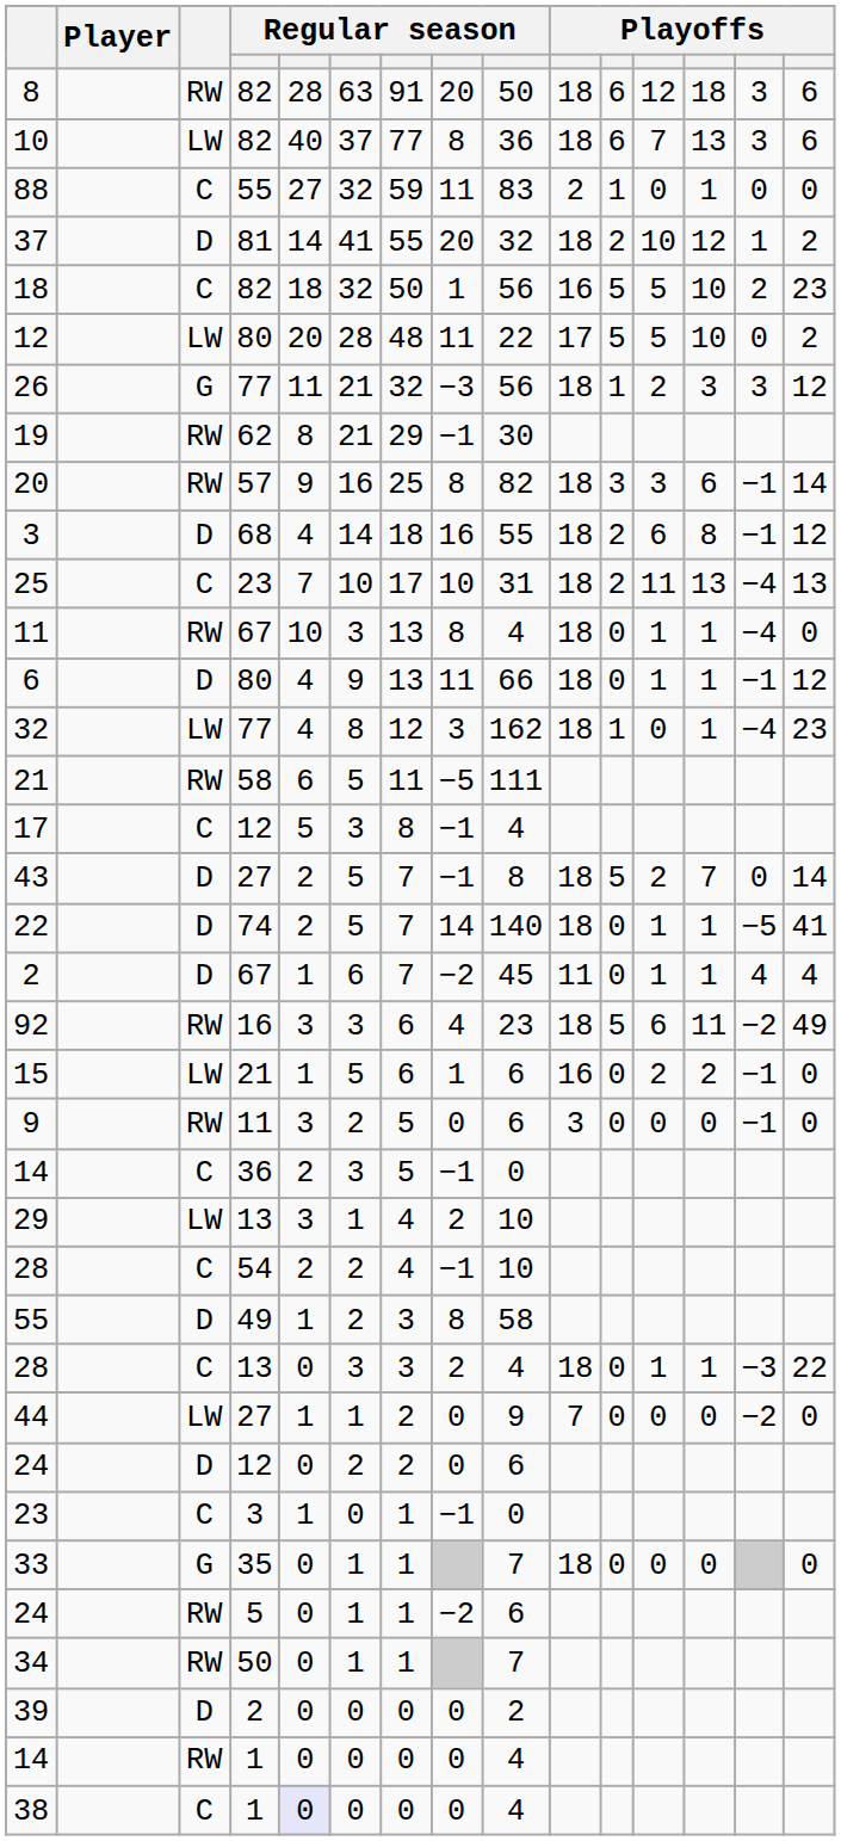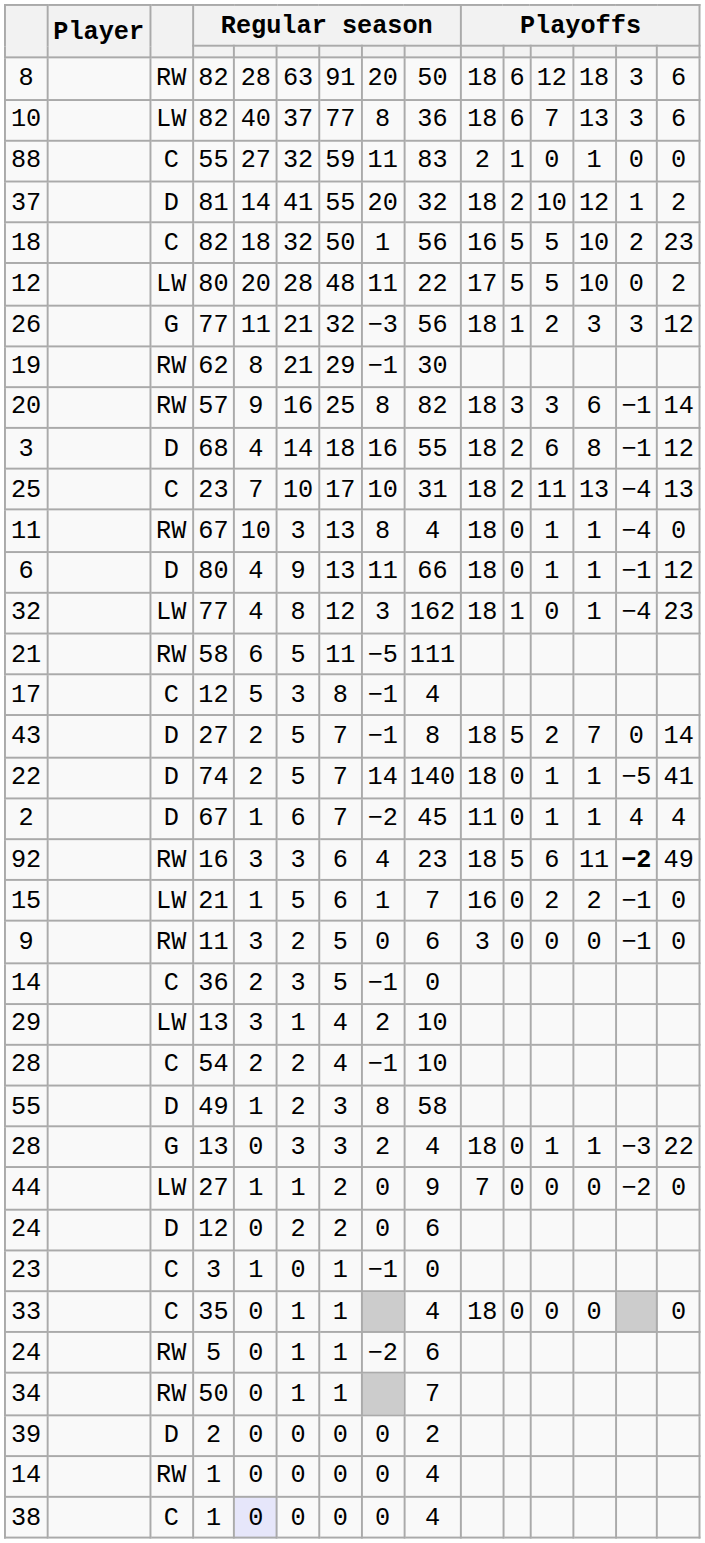 <table class="wikitable sortable plainrowheaders" style="text-align:center;">
 <tr>
 <th scope="col" data-sort-type="number" rowspan="2"></th>
 <th scope="col" rowspan="2">Player</th>
 <th scope="col" rowspan="2"></th>
 <th scope=colgroup colspan=6>Regular season</th>
 <th scope=colgroup colspan=6>Playoffs</th>
 </tr>
 <tr>
 <th scope="col" data-sort-type="number"></th>
 <th scope="col" data-sort-type="number"></th>
 <th scope="col" data-sort-type="number"></th>
 <th scope="col" data-sort-type="number"></th>
 <th scope="col" data-sort-type="number"></th>
 <th scope="col" data-sort-type="number"></th>
 <th scope="col" data-sort-type="number"></th>
 <th scope="col" data-sort-type="number"></th>
 <th scope="col" data-sort-type="number"></th>
 <th scope="col" data-sort-type="number"></th>
 <th scope="col" data-sort-type="number"></th>
 <th scope="col" data-sort-type="number"></th>
 </tr>
 <tr>
 <td scope="row">8</td>
 <td align="left"></td>
 <td>RW</td>
 <td>82</td>
 <td>28</td>
 <td>63</td>
 <td>91</td>
 <td>20</td>
 <td>50</td>
 <td>18</td>
 <td>6</td>
 <td>12</td>
 <td>18</td>
 <td>3</td>
 <td>6</td>
 </tr>
 <tr>
 <td scope="row">10</td>
 <td align="left"></td>
 <td>LW</td>
 <td>82</td>
 <td>40</td>
 <td>37</td>
 <td>77</td>
 <td>8</td>
 <td>36</td>
 <td>18</td>
 <td>6</td>
 <td>7</td>
 <td>13</td>
 <td>3</td>
 <td>6</td>
 </tr>
 <tr>
 <td scope="row">88</td>
 <td align="left"></td>
 <td>C</td>
 <td>55</td>
 <td>27</td>
 <td>32</td>
 <td>59</td>
 <td>11</td>
 <td>83</td>
 <td>2</td>
 <td>1</td>
 <td>0</td>
 <td>1</td>
 <td>0</td>
 <td>0</td>
 </tr>
 <tr>
 <td scope="row">37</td>
 <td align="left"></td>
 <td>D</td>
 <td>81</td>
 <td>14</td>
 <td>41</td>
 <td>55</td>
 <td>20</td>
 <td>32</td>
 <td>18</td>
 <td>2</td>
 <td>10</td>
 <td>12</td>
 <td>1</td>
 <td>2</td>
 </tr>
 <tr>
 <td scope="row">18</td>
 <td align="left"></td>
 <td>C</td>
 <td>82</td>
 <td>18</td>
 <td>32</td>
 <td>50</td>
 <td>1</td>
 <td>56</td>
 <td>16</td>
 <td>5</td>
 <td>5</td>
 <td>10</td>
 <td>2</td>
 <td>23</td>
 </tr>
 <tr>
 <td scope="row">12</td>
 <td align="left"></td>
 <td>LW</td>
 <td>80</td>
 <td>20</td>
 <td>28</td>
 <td>48</td>
 <td>11</td>
 <td>22</td>
 <td>17</td>
 <td>5</td>
 <td>5</td>
 <td>10</td>
 <td>0</td>
 <td>2</td>
 </tr>
 <tr>
 <td scope="row">26</td>
 <td align="left"></td>
 <td>G</td>
 <td>77</td>
 <td>11</td>
 <td>21</td>
 <td>32</td>
 <td>−3</td>
 <td>56</td>
 <td>18</td>
 <td>1</td>
 <td>2</td>
 <td>3</td>
 <td>3</td>
 <td>12</td>
 </tr>
 <tr>
 <td scope="row">19</td>
 <td align="left"></td>
 <td>RW</td>
 <td>62</td>
 <td>8</td>
 <td>21</td>
 <td>29</td>
 <td>−1</td>
 <td>30</td>
 <td></td>
 <td></td>
 <td></td>
 <td></td>
 <td></td>
 <td></td>
 </tr>
 <tr>
 <td scope="row">20</td>
 <td align="left"></td>
 <td>RW</td>
 <td>57</td>
 <td>9</td>
 <td>16</td>
 <td>25</td>
 <td>8</td>
 <td>82</td>
 <td>18</td>
 <td>3</td>
 <td>3</td>
 <td>6</td>
 <td>−1</td>
 <td>14</td>
 </tr>
 <tr>
 <td scope="row">3</td>
 <td align="left"></td>
 <td>D</td>
 <td>68</td>
 <td>4</td>
 <td>14</td>
 <td>18</td>
 <td>16</td>
 <td>55</td>
 <td>18</td>
 <td>2</td>
 <td>6</td>
 <td>8</td>
 <td>−1</td>
 <td>12</td>
 </tr>
 <tr>
 <td scope="row">25</td>
 <td align="left"></td>
 <td>C</td>
 <td>23</td>
 <td>7</td>
 <td>10</td>
 <td>17</td>
 <td>10</td>
 <td>31</td>
 <td>18</td>
 <td>2</td>
 <td>11</td>
 <td>13</td>
 <td>−4</td>
 <td>13</td>
 </tr>
 <tr>
 <td scope="row">11</td>
 <td align="left"></td>
 <td>RW</td>
 <td>67</td>
 <td>10</td>
 <td>3</td>
 <td>13</td>
 <td>8</td>
 <td>4</td>
 <td>18</td>
 <td>0</td>
 <td>1</td>
 <td>1</td>
 <td>−4</td>
 <td>0</td>
 </tr>
 <tr>
 <td scope="row">6</td>
 <td align="left"></td>
 <td>D</td>
 <td>80</td>
 <td>4</td>
 <td>9</td>
 <td>13</td>
 <td>11</td>
 <td>66</td>
 <td>18</td>
 <td>0</td>
 <td>1</td>
 <td>1</td>
 <td>−1</td>
 <td>12</td>
 </tr>
 <tr>
 <td scope="row">32</td>
 <td align="left"></td>
 <td>LW</td>
 <td>77</td>
 <td>4</td>
 <td>8</td>
 <td>12</td>
 <td>3</td>
 <td>162</td>
 <td>18</td>
 <td>1</td>
 <td>0</td>
 <td>1</td>
 <td>−4</td>
 <td>23</td>
 </tr>
 <tr>
 <td scope="row">21</td>
 <td align="left"></td>
 <td>RW</td>
 <td>58</td>
 <td>6</td>
 <td>5</td>
 <td>11</td>
 <td>−5</td>
 <td>111</td>
 <td></td>
 <td></td>
 <td></td>
 <td></td>
 <td></td>
 <td></td>
 </tr>
 <tr>
 <td scope="row">17</td>
 <td align="left"></td>
 <td>C</td>
 <td>12</td>
 <td>5</td>
 <td>3</td>
 <td>8</td>
 <td>−1</td>
 <td>4</td>
 <td></td>
 <td></td>
 <td></td>
 <td></td>
 <td></td>
 <td></td>
 </tr>
 <tr>
 <td scope="row">43</td>
 <td align="left"></td>
 <td>D</td>
 <td>27</td>
 <td>2</td>
 <td>5</td>
 <td>7</td>
 <td>−1</td>
 <td>8</td>
 <td>18</td>
 <td>5</td>
 <td>2</td>
 <td>7</td>
 <td>0</td>
 <td>14</td>
 </tr>
 <tr>
 <td scope="row">22</td>
 <td align="left"></td>
 <td>D</td>
 <td>74</td>
 <td>2</td>
 <td>5</td>
 <td>7</td>
 <td>14</td>
 <td>140</td>
 <td>18</td>
 <td>0</td>
 <td>1</td>
 <td>1</td>
 <td>−5</td>
 <td>41</td>
 </tr>
 <tr>
 <td scope="row">2</td>
 <td align="left"></td>
 <td>D</td>
 <td>67</td>
 <td>1</td>
 <td>6</td>
 <td>7</td>
 <td>−2</td>
 <td>45</td>
 <td>11</td>
 <td>0</td>
 <td>1</td>
 <td>1</td>
 <td>4</td>
 <td>4</td>
 </tr>
 <tr>
 <td scope="row">92</td>
 <td align="left"></td>
 <td>RW</td>
 <td>16</td>
 <td>3</td>
 <td>3</td>
 <td>6</td>
 <td>4</td>
 <td>23</td>
 <td>18</td>
 <td>5</td>
 <td>6</td>
 <td>11</td>
-<td>−2</td>
+<td><strong>−2</strong></td>
 <td>49</td>
 </tr>
 <tr>
 <td scope="row">15</td>
 <td align="left"></td>
 <td>LW</td>
 <td>21</td>
 <td>1</td>
 <td>5</td>
 <td>6</td>
 <td>1</td>
-<td>6</td>
+<td>7</td>
 <td>16</td>
 <td>0</td>
 <td>2</td>
 <td>2</td>
 <td>−1</td>
 <td>0</td>
 </tr>
 <tr>
 <td scope="row">9</td>
 <td align="left"></td>
 <td>RW</td>
 <td>11</td>
 <td>3</td>
 <td>2</td>
 <td>5</td>
 <td>0</td>
 <td>6</td>
 <td>3</td>
 <td>0</td>
 <td>0</td>
 <td>0</td>
 <td>−1</td>
 <td>0</td>
 </tr>
 <tr>
 <td scope="row">14</td>
 <td align="left"></td>
 <td>C</td>
 <td>36</td>
 <td>2</td>
 <td>3</td>
 <td>5</td>
 <td>−1</td>
 <td>0</td>
 <td></td>
 <td></td>
 <td></td>
 <td></td>
 <td></td>
 <td></td>
 </tr>
 <tr>
 <td scope="row">29</td>
 <td align="left"></td>
 <td>LW</td>
 <td>13</td>
 <td>3</td>
 <td>1</td>
 <td>4</td>
 <td>2</td>
 <td>10</td>
 <td></td>
 <td></td>
 <td></td>
 <td></td>
 <td></td>
 <td></td>
 </tr>
 <tr>
 <td scope="row">28</td>
 <td align="left"></td>
 <td>C</td>
 <td>54</td>
 <td>2</td>
 <td>2</td>
 <td>4</td>
 <td>−1</td>
 <td>10</td>
 <td></td>
 <td></td>
 <td></td>
 <td></td>
 <td></td>
 <td></td>
 </tr>
 <tr>
 <td scope="row">55</td>
 <td align="left"></td>
 <td>D</td>
 <td>49</td>
 <td>1</td>
 <td>2</td>
 <td>3</td>
 <td>8</td>
 <td>58</td>
 <td></td>
 <td></td>
 <td></td>
 <td></td>
 <td></td>
 <td></td>
 </tr>
 <tr>
 <td scope="row">28</td>
 <td align="left"></td>
-<td>C</td>
+<td>G</td>
 <td>13</td>
 <td>0</td>
 <td>3</td>
 <td>3</td>
 <td>2</td>
 <td>4</td>
 <td>18</td>
 <td>0</td>
 <td>1</td>
 <td>1</td>
 <td>−3</td>
 <td>22</td>
 </tr>
 <tr>
 <td scope="row">44</td>
 <td align="left"></td>
 <td>LW</td>
 <td>27</td>
 <td>1</td>
 <td>1</td>
 <td>2</td>
 <td>0</td>
 <td>9</td>
 <td>7</td>
 <td>0</td>
 <td>0</td>
 <td>0</td>
 <td>−2</td>
 <td>0</td>
 </tr>
 <tr>
 <td scope="row">24</td>
 <td align="left"></td>
 <td>D</td>
 <td>12</td>
 <td>0</td>
 <td>2</td>
 <td>2</td>
 <td>0</td>
 <td>6</td>
 <td></td>
 <td></td>
 <td></td>
 <td></td>
 <td></td>
 <td></td>
 </tr>
 <tr>
 <td scope="row">23</td>
 <td align="left"></td>
 <td>C</td>
 <td>3</td>
 <td>1</td>
 <td>0</td>
 <td>1</td>
 <td>−1</td>
 <td>0</td>
 <td></td>
 <td></td>
 <td></td>
 <td></td>
 <td></td>
 <td></td>
 </tr>
 <tr>
 <td scope="row">33</td>
 <td align="left"></td>
-<td>G</td>
+<td>C</td>
 <td>35</td>
 <td>0</td>
 <td>1</td>
 <td>1</td>
 <td style="background:#ccc"></td>
-<td>7</td>
+<td>4</td>
 <td>18</td>
 <td>0</td>
 <td>0</td>
 <td>0</td>
 <td style="background:#ccc"></td>
 <td>0</td>
 </tr>
 <tr>
 <td scope="row">24</td>
 <td align="left"></td>
 <td>RW</td>
 <td>5</td>
 <td>0</td>
 <td>1</td>
 <td>1</td>
 <td>−2</td>
 <td>6</td>
 <td></td>
 <td></td>
 <td></td>
 <td></td>
 <td></td>
 <td></td>
 </tr>
 <tr>
 <td scope="row">34</td>
 <td align="left"></td>
 <td>RW</td>
 <td>50</td>
 <td>0</td>
 <td>1</td>
 <td>1</td>
 <td style="background:#ccc"></td>
 <td>7</td>
 <td></td>
 <td></td>
 <td></td>
 <td></td>
 <td></td>
 <td></td>
 </tr>
 <tr>
 <td scope="row">39</td>
 <td align="left"></td>
 <td>D</td>
 <td>2</td>
 <td>0</td>
 <td>0</td>
 <td>0</td>
 <td>0</td>
 <td>2</td>
 <td></td>
 <td></td>
 <td></td>
 <td></td>
 <td></td>
 <td></td>
 </tr>
 <tr>
 <td scope="row">14</td>
 <td align="left"></td>
 <td>RW</td>
 <td>1</td>
 <td>0</td>
 <td>0</td>
 <td>0</td>
 <td>0</td>
 <td>4</td>
 <td></td>
 <td></td>
 <td></td>
 <td></td>
 <td></td>
 <td></td>
 </tr>
 <tr>
 <td scope="row">38</td>
 <td align="left"></td>
 <td>C</td>
 <td>1</td>
 <td style="background: lavender;">0</td>
 <td>0</td>
 <td>0</td>
 <td>0</td>
 <td>4</td>
 <td></td>
 <td></td>
 <td></td>
 <td></td>
 <td></td>
 <td></td>
 </tr>
 </table>
